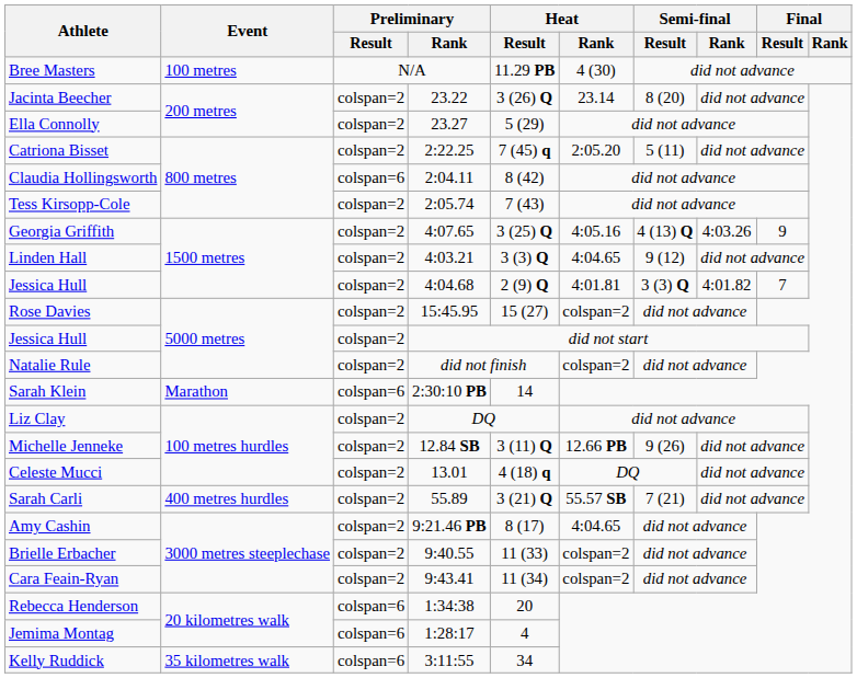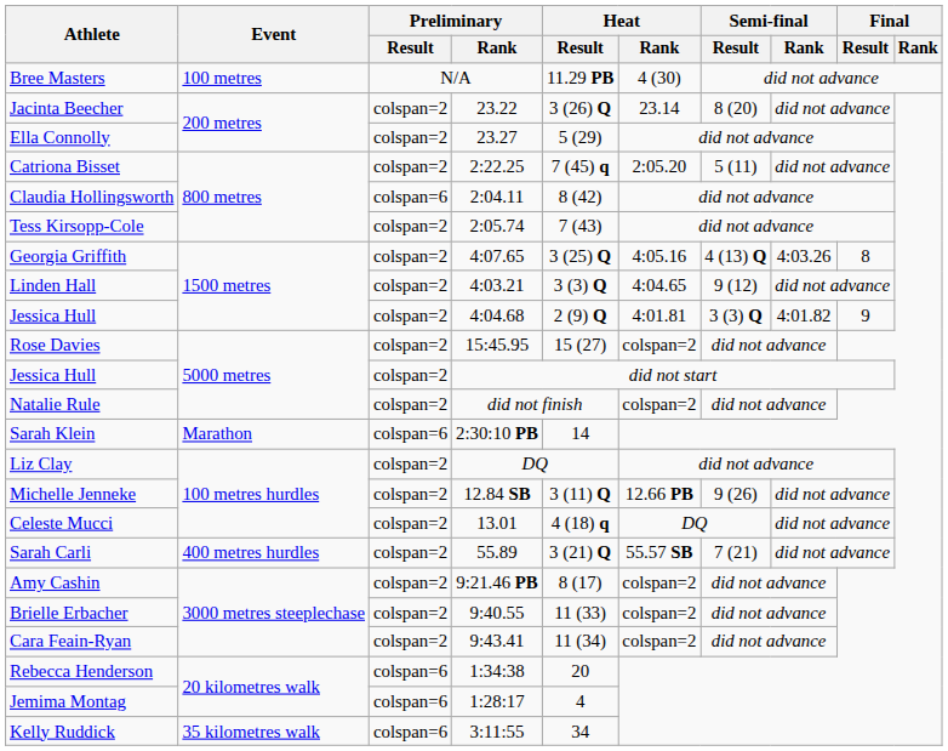 <table class=wikitable style=font-size:90%>
 <tr>
 <th rowspan=2>Athlete</th>
 <th rowspan=2>Event</th>
 <th colspan=2>Preliminary</th>
 <th colspan=2>Heat</th>
 <th colspan=2>Semi-final</th>
 <th colspan=2>Final</th>
 </tr>
 <tr style=font-size:95%>
 <th>Result</th>
 <th>Rank</th>
 <th>Result</th>
 <th>Rank</th>
 <th>Result</th>
 <th>Rank</th>
 <th>Result</th>
 <th>Rank</th>
 </tr>
 <tr align=center>
 <td align=left><a href='#'>Bree Masters</a></td>
 <td align=left><a href='#'>100 metres</a></td>
 <td colspan=2>N/A</td>
 <td>11.29 <strong>PB</strong></td>
 <td>4 (30)</td>
 <td colspan="4"><em>did not advance</em></td>
 </tr>
 <tr align=center>
 <td align=left><a href='#'>Jacinta Beecher</a></td>
 <td align=left rowspan=2><a href='#'>200 metres</a></td>
 <td>colspan=2</td>
 <td>23.22</td>
 <td>3 (26) <strong>Q</strong></td>
 <td>23.14</td>
 <td>8 (20)</td>
 <td colspan="2"><em>did not advance</em></td>
 </tr>
 <tr align=center>
 <td align=left><a href='#'>Ella Connolly</a></td>
 <td>colspan=2</td>
 <td>23.27</td>
 <td>5 (29)</td>
 <td colspan="4"><em>did not advance</em></td>
 </tr>
 <tr align=center>
 <td align=left><a href='#'>Catriona Bisset</a></td>
 <td align=left rowspan=3><a href='#'>800 metres</a></td>
 <td>colspan=2</td>
 <td>2:22.25</td>
 <td>7 (45) <strong>q</strong></td>
 <td>2:05.20</td>
 <td>5 (11)</td>
 <td colspan="2"><em>did not advance</em></td>
 </tr>
 <tr align=center>
 <td align=left><a href='#'>Claudia Hollingsworth</a></td>
 <td>colspan=6</td>
 <td>2:04.11</td>
 <td>8 (42)</td>
 <td colspan="4"><em>did not advance</em></td>
 </tr>
 <tr align=center>
 <td align=left><a href='#'>Tess Kirsopp-Cole</a></td>
 <td>colspan=2</td>
 <td>2:05.74</td>
 <td>7 (43)</td>
 <td colspan="4"><em>did not advance</em></td>
 </tr>
 <tr align=center>
 <td align=left><a href='#'>Georgia Griffith</a></td>
 <td align=left rowspan=3><a href='#'>1500 metres</a></td>
 <td>colspan=2</td>
 <td>4:07.65</td>
 <td>3 (25) <strong>Q</strong></td>
 <td>4:05.16</td>
 <td>4 (13) <strong>Q</strong></td>
 <td>4:03.26</td>
-<td>9</td>
+<td>8</td>
 </tr>
 <tr align=center>
 <td align=left><a href='#'>Linden Hall</a></td>
 <td>colspan=2</td>
 <td>4:03.21</td>
 <td>3 (3) <strong>Q</strong></td>
 <td>4:04.65</td>
 <td>9 (12)</td>
 <td colspan="2"><em>did not advance</em></td>
 </tr>
 <tr align=center>
 <td align=left><a href='#'>Jessica Hull</a></td>
 <td>colspan=2</td>
 <td>4:04.68</td>
 <td>2 (9) <strong>Q</strong></td>
 <td>4:01.81</td>
 <td>3 (3) <strong>Q</strong></td>
 <td>4:01.82</td>
-<td>7</td>
+<td>9</td>
 </tr>
 <tr align=center>
 <td align=left><a href='#'>Rose Davies</a></td>
 <td align=left rowspan=3><a href='#'>5000 metres</a></td>
 <td>colspan=2</td>
 <td>15:45.95</td>
 <td>15 (27)</td>
 <td>colspan=2</td>
 <td colspan="2"><em>did not advance</em></td>
 </tr>
 <tr align=center>
 <td align=left><a href='#'>Jessica Hull</a></td>
 <td>colspan=2</td>
 <td colspan="6"><em>did not start</em></td>
 </tr>
 <tr align=center>
 <td align=left><a href='#'>Natalie Rule</a></td>
 <td>colspan=2</td>
 <td colspan="2"><em>did not finish</em></td>
 <td>colspan=2</td>
 <td colspan="2"><em>did not advance</em></td>
 </tr>
 <tr align=center>
 <td align=left><a href='#'>Sarah Klein</a></td>
 <td align=left><a href='#'>Marathon</a></td>
 <td>colspan=6</td>
 <td>2:30:10 <strong>PB</strong></td>
 <td>14</td>
 </tr>
 <tr align=center>
 <td align=left><a href='#'>Liz Clay</a></td>
 <td align=left rowspan=3><a href='#'>100 metres hurdles</a></td>
 <td>colspan=2</td>
 <td colspan="2"><em>DQ</em></td>
 <td colspan="4"><em>did not advance</em></td>
 </tr>
 <tr align=center>
 <td align=left><a href='#'>Michelle Jenneke</a></td>
 <td>colspan=2</td>
 <td>12.84 <strong>SB</strong></td>
 <td>3 (11) <strong>Q</strong></td>
 <td>12.66 <strong>PB</strong></td>
 <td>9 (26)</td>
 <td colspan="2"><em>did not advance</em></td>
 </tr>
 <tr align=center>
 <td align=left><a href='#'>Celeste Mucci</a></td>
 <td>colspan=2</td>
 <td>13.01</td>
 <td>4 (18) <strong>q</strong></td>
 <td colspan="2"><em>DQ</em></td>
 <td colspan="2"><em>did not advance</em></td>
 </tr>
 <tr align=center>
 <td align=left><a href='#'>Sarah Carli</a></td>
 <td align=left><a href='#'>400 metres hurdles</a></td>
 <td>colspan=2</td>
 <td>55.89</td>
 <td>3 (21) <strong>Q</strong></td>
 <td>55.57 <strong>SB</strong></td>
 <td>7 (21)</td>
 <td colspan="2"><em>did not advance</em></td>
 </tr>
 <tr align=center>
 <td align=left><a href='#'>Amy Cashin</a></td>
 <td align=left rowspan=3><a href='#'>3000 metres steeplechase</a></td>
 <td>colspan=2</td>
 <td>9:21.46 <strong>PB</strong></td>
 <td>8 (17)</td>
-<td>4:04.65</td>
+<td>colspan=2</td>
 <td colspan="2"><em>did not advance</em></td>
 </tr>
 <tr align=center>
 <td align=left><a href='#'>Brielle Erbacher</a></td>
 <td>colspan=2</td>
 <td>9:40.55</td>
 <td>11 (33)</td>
 <td>colspan=2</td>
 <td colspan="2"><em>did not advance</em></td>
 </tr>
 <tr align=center>
 <td align=left><a href='#'>Cara Feain-Ryan</a></td>
 <td>colspan=2</td>
 <td>9:43.41</td>
 <td>11 (34)</td>
 <td>colspan=2</td>
 <td colspan="2"><em>did not advance</em></td>
 </tr>
 <tr align=center>
 <td align=left><a href='#'>Rebecca Henderson</a></td>
 <td align=left rowspan=2><a href='#'>20 kilometres walk</a></td>
 <td>colspan=6</td>
 <td>1:34:38</td>
 <td>20</td>
 </tr>
 <tr align=center>
 <td align=left><a href='#'>Jemima Montag</a></td>
 <td>colspan=6</td>
 <td>1:28:17</td>
 <td>4</td>
 </tr>
 <tr align=center>
 <td align=left><a href='#'>Kelly Ruddick</a></td>
 <td align=left><a href='#'>35 kilometres walk</a></td>
 <td>colspan=6</td>
 <td>3:11:55</td>
 <td>34</td>
 </tr>
 </table>
